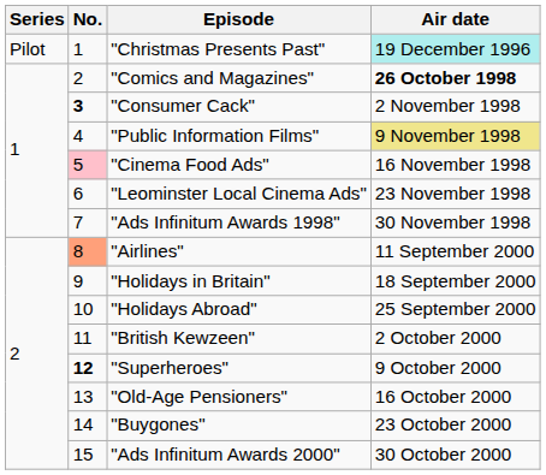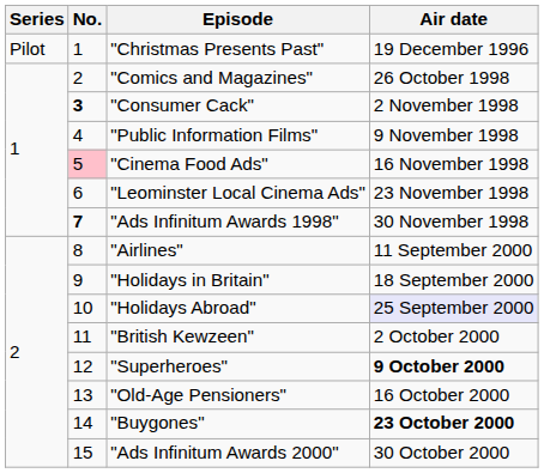 <table class="wikitable">
 <tr>
 <th>Series</th>
 <th>No.</th>
 <th>Episode</th>
 <th>Air date</th>
 </tr>
 <tr>
 <td>Pilot</td>
 <td>1</td>
 <td>"Christmas Presents Past"</td>
-<td style="background: paleturquoise;">19 December 1996</td>
+<td>19 December 1996</td>
 </tr>
 <tr>
 <td rowspan="6">1</td>
 <td>2</td>
 <td>"Comics and Magazines"</td>
-<td><strong>26 October 1998</strong></td>
+<td>26 October 1998</td>
 </tr>
 <tr>
 <td><strong>3</strong></td>
 <td>"Consumer Cack"</td>
 <td>2 November 1998</td>
 </tr>
 <tr>
 <td>4</td>
 <td>"Public Information Films"</td>
-<td style="background: khaki;">9 November 1998</td>
+<td>9 November 1998</td>
 </tr>
 <tr>
 <td style="background: pink;">5</td>
 <td>"Cinema Food Ads"</td>
 <td>16 November 1998</td>
 </tr>
 <tr>
 <td>6</td>
 <td>"Leominster Local Cinema Ads"</td>
 <td>23 November 1998</td>
 </tr>
 <tr>
-<td>7</td>
+<td><strong>7</strong></td>
 <td>"Ads Infinitum Awards 1998"</td>
 <td>30 November 1998</td>
 </tr>
 <tr>
 <td rowspan="8">2</td>
-<td style="background: lightsalmon;">8</td>
+<td>8</td>
 <td>"Airlines"</td>
 <td>11 September 2000</td>
 </tr>
 <tr>
 <td>9</td>
 <td>"Holidays in Britain"</td>
 <td>18 September 2000</td>
 </tr>
 <tr>
 <td>10</td>
 <td>"Holidays Abroad"</td>
-<td>25 September 2000</td>
+<td style="background: lavender;">25 September 2000</td>
 </tr>
 <tr>
 <td>11</td>
 <td>"British Kewzeen"</td>
 <td>2 October 2000</td>
 </tr>
 <tr>
-<td><strong>12</strong></td>
+<td>12</td>
 <td>"Superheroes"</td>
-<td>9 October 2000</td>
+<td><strong>9 October 2000</strong></td>
 </tr>
 <tr>
 <td>13</td>
 <td>"Old-Age Pensioners"</td>
 <td>16 October 2000</td>
 </tr>
 <tr>
 <td>14</td>
 <td>"Buygones"</td>
-<td>23 October 2000</td>
+<td><strong>23 October 2000</strong></td>
 </tr>
 <tr>
 <td>15</td>
 <td>"Ads Infinitum Awards 2000"</td>
 <td>30 October 2000</td>
 </tr>
 </table>
